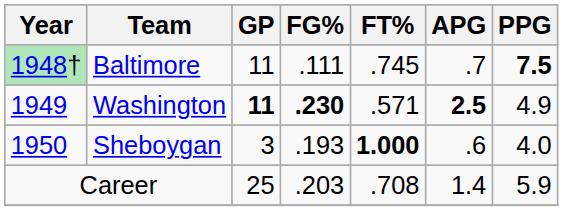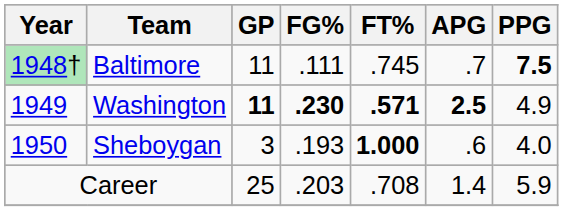 <table class="wikitable sortable" style="font-size:95%; text-align:right;">
 <tr>
 <th>Year</th>
 <th>Team</th>
 <th>GP</th>
 <th>FG%</th>
 <th>FT%</th>
 <th>APG</th>
 <th>PPG</th>
 </tr>
 <tr>
 <td style="text-align:left;background:#afe6ba;"><a href='#'>1948</a>†</td>
 <td style="text-align:left;"><a href='#'>Baltimore</a></td>
 <td>11</td>
 <td>.111</td>
 <td>.745</td>
 <td>.7</td>
 <td><strong>7.5</strong></td>
 </tr>
 <tr>
 <td style="text-align:left;"><a href='#'>1949</a></td>
 <td style="text-align:left;"><a href='#'>Washington</a></td>
 <td><strong>11</strong></td>
 <td><strong>.230</strong></td>
-<td>.571</td>
+<td><strong>.571</strong></td>
 <td><strong>2.5</strong></td>
 <td>4.9</td>
 </tr>
 <tr>
 <td style="text-align:left;"><a href='#'>1950</a></td>
 <td style="text-align:left;"><a href='#'>Sheboygan</a></td>
 <td>3</td>
 <td>.193</td>
 <td><strong>1.000</strong></td>
 <td>.6</td>
 <td>4.0</td>
 </tr>
 <tr>
 <td style="text-align:center;" colspan="2">Career</td>
 <td>25</td>
 <td>.203</td>
 <td>.708</td>
 <td>1.4</td>
 <td>5.9</td>
 </tr>
 <tr>
 </tr>
 </table>
